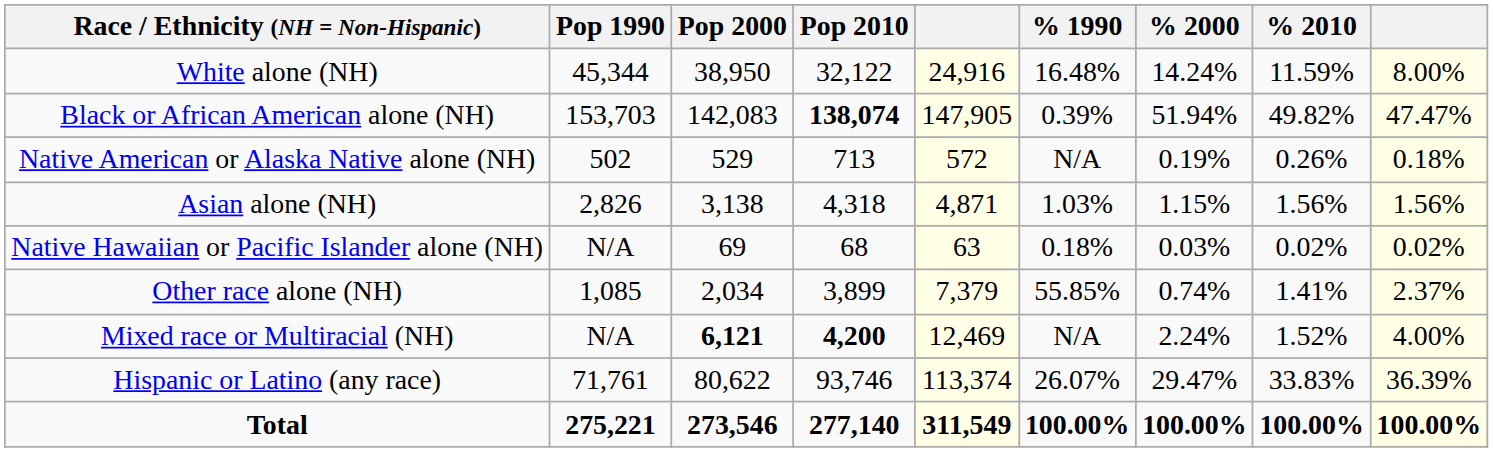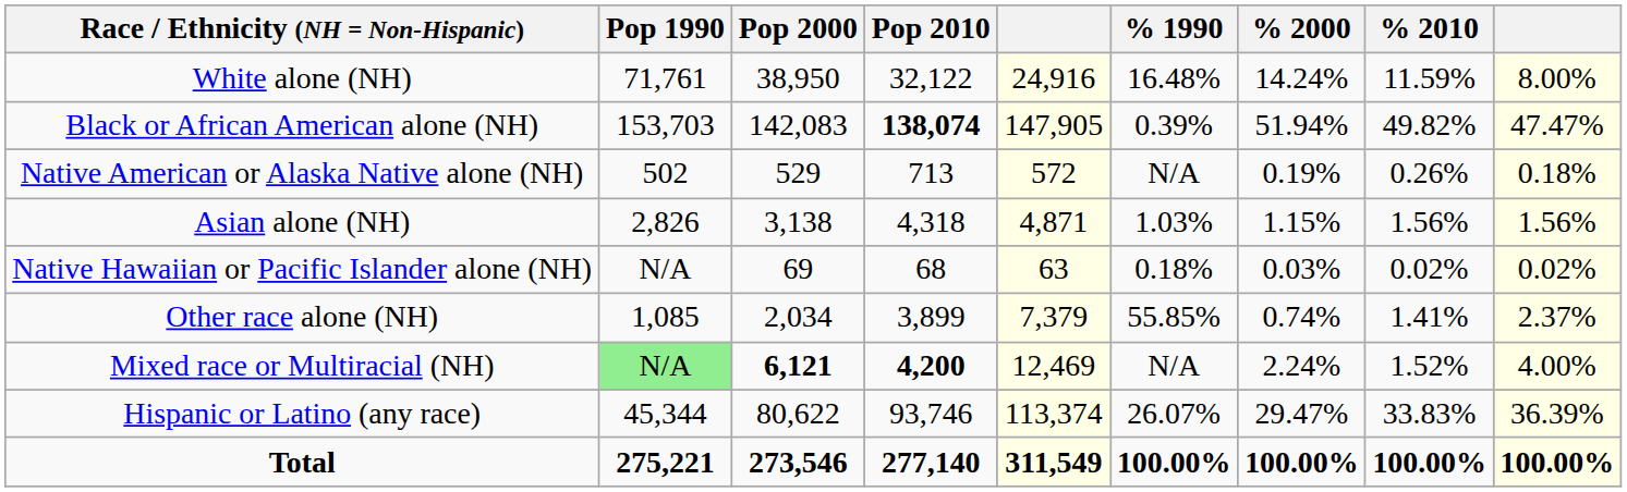 <table class="wikitable" style="text-align:center;">
 <tr>
 <th>Race / Ethnicity <small>(<em>NH = Non-Hispanic</em>)</small></th>
 <th>Pop 1990</th>
 <th>Pop 2000</th>
 <th>Pop 2010</th>
 <th></th>
 <th>% 1990</th>
 <th>% 2000</th>
 <th>% 2010</th>
 <th></th>
 </tr>
 <tr>
 <td><a href='#'>White</a> alone (NH)</td>
-<td>45,344</td>
+<td>71,761</td>
 <td>38,950</td>
 <td>32,122</td>
 <td style='background: #ffffe6;'>24,916</td>
 <td>16.48%</td>
 <td>14.24%</td>
 <td>11.59%</td>
 <td style='background: #ffffe6;'>8.00%</td>
 </tr>
 <tr>
 <td><a href='#'>Black or African American</a> alone (NH)</td>
 <td>153,703</td>
 <td>142,083</td>
 <td><strong>138,074</strong></td>
 <td style='background: #ffffe6;'>147,905</td>
 <td>0.39%</td>
 <td>51.94%</td>
 <td>49.82%</td>
 <td style='background: #ffffe6;'>47.47%</td>
 </tr>
 <tr>
 <td><a href='#'>Native American</a> or <a href='#'>Alaska Native</a> alone (NH)</td>
 <td>502</td>
 <td>529</td>
 <td>713</td>
 <td style='background: #ffffe6;'>572</td>
 <td>N/A</td>
 <td>0.19%</td>
 <td>0.26%</td>
 <td style='background: #ffffe6;'>0.18%</td>
 </tr>
 <tr>
 <td><a href='#'>Asian</a> alone (NH)</td>
 <td>2,826</td>
 <td>3,138</td>
 <td>4,318</td>
 <td style='background: #ffffe6;'>4,871</td>
 <td>1.03%</td>
 <td>1.15%</td>
 <td>1.56%</td>
 <td style='background: #ffffe6;'>1.56%</td>
 </tr>
 <tr>
 <td><a href='#'>Native Hawaiian</a> or <a href='#'>Pacific Islander</a> alone (NH)</td>
 <td>N/A</td>
 <td>69</td>
 <td>68</td>
 <td style='background: #ffffe6;'>63</td>
 <td>0.18%</td>
 <td>0.03%</td>
 <td>0.02%</td>
 <td style='background: #ffffe6;'>0.02%</td>
 </tr>
 <tr>
 <td><a href='#'>Other race</a> alone (NH)</td>
 <td>1,085</td>
 <td>2,034</td>
 <td>3,899</td>
 <td style='background: #ffffe6;'>7,379</td>
 <td>55.85%</td>
 <td>0.74%</td>
 <td>1.41%</td>
 <td style='background: #ffffe6;'>2.37%</td>
 </tr>
 <tr>
 <td><a href='#'>Mixed race or Multiracial</a> (NH)</td>
-<td>N/A</td>
+<td style="background: lightgreen;">N/A</td>
 <td><strong>6,121</strong></td>
 <td><strong>4,200</strong></td>
 <td style='background: #ffffe6;'>12,469</td>
 <td>N/A</td>
 <td>2.24%</td>
 <td>1.52%</td>
 <td style='background: #ffffe6;'>4.00%</td>
 </tr>
 <tr>
 <td><a href='#'>Hispanic or Latino</a> (any race)</td>
-<td>71,761</td>
+<td>45,344</td>
 <td>80,622</td>
 <td>93,746</td>
 <td style='background: #ffffe6;'>113,374</td>
 <td>26.07%</td>
 <td>29.47%</td>
 <td>33.83%</td>
 <td style='background: #ffffe6;'>36.39%</td>
 </tr>
 <tr>
 <td><strong>Total</strong></td>
 <td><strong>275,221</strong></td>
 <td><strong>273,546</strong></td>
 <td><strong>277,140</strong></td>
 <td style='background: #ffffe6;'><strong>311,549</strong></td>
 <td><strong>100.00%</strong></td>
 <td><strong>100.00%</strong></td>
 <td><strong>100.00%</strong></td>
 <td style='background: #ffffe6;'><strong>100.00%</strong></td>
 </tr>
 </table>
